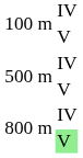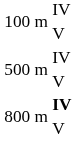 <table>
 <tr>
 <td rowspan="2">100 m</td>
 <td>IV<br></td>
 <td></td>
 <td></td>
 <td></td>
 </tr>
 <tr>
 <td>V<br></td>
 <td></td>
 <td></td>
 <td></td>
 </tr>
 <tr>
 <td rowspan="2">500 m</td>
 <td>IV<br></td>
 <td></td>
 <td></td>
 <td></td>
 </tr>
 <tr>
 <td>V<br></td>
 <td></td>
 <td></td>
 <td></td>
 </tr>
 <tr>
 <td rowspan="2">800 m</td>
-<td>IV<br></td>
+<td><strong>IV<br></strong></td>
 <td></td>
 <td></td>
 <td></td>
 </tr>
 <tr>
-<td style="background: lightgreen;">V<br></td>
+<td>V<br></td>
 <td></td>
 <td></td>
 <td></td>
 </tr>
 </table>
